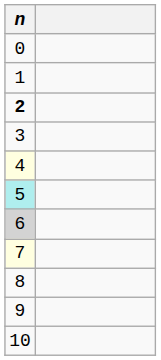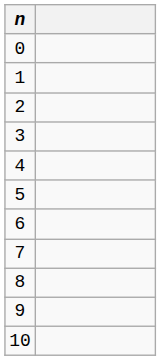 <table class="wikitable" style="margin:0.5em auto">
 <tr>
 <th width="20%"><em>n</em></th>
 <th></th>
 </tr>
 <tr>
 <td align="center">0</td>
 <td></td>
 </tr>
 <tr>
 <td align="center">1</td>
 <td></td>
 </tr>
 <tr>
-<td align="center"><strong>2</strong></td>
+<td align="center">2</td>
 <td></td>
 </tr>
 <tr>
 <td align="center">3</td>
 <td></td>
 </tr>
 <tr>
-<td align="center" style="background: lightyellow;">4</td>
+<td align="center">4</td>
 <td></td>
 </tr>
 <tr>
-<td align="center" style="background: paleturquoise;">5</td>
+<td align="center">5</td>
 <td></td>
 </tr>
 <tr>
-<td align="center" style="background: lightgrey;">6</td>
+<td align="center">6</td>
 <td></td>
 </tr>
 <tr>
-<td align="center" style="background: lightyellow;">7</td>
+<td align="center">7</td>
 <td></td>
 </tr>
 <tr>
 <td align="center">8</td>
 <td></td>
 </tr>
 <tr>
 <td align="center">9</td>
 <td></td>
 </tr>
 <tr>
 <td align="center">10</td>
 <td></td>
 </tr>
 </table>
